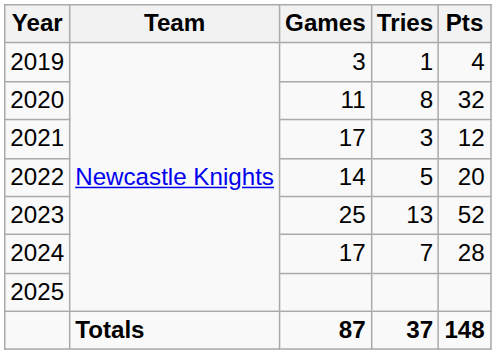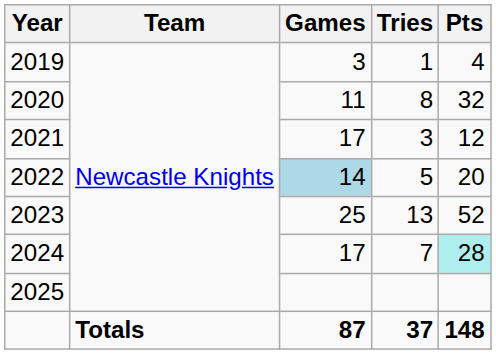 <table class="wikitable">
 <tr>
 <th>Year</th>
 <th>Team</th>
 <th>Games</th>
 <th>Tries</th>
 <th>Pts</th>
 </tr>
 <tr>
 <td align=center>2019</td>
 <td rowspan=7>  <a href='#'>Newcastle Knights</a></td>
 <td align=right>3</td>
 <td align=right>1</td>
 <td align=right>4</td>
 </tr>
 <tr>
 <td align=center>2020</td>
 <td align=right>11</td>
 <td align=right>8</td>
 <td align=right>32</td>
 </tr>
 <tr>
 <td align=center>2021</td>
 <td align=right>17</td>
 <td align=right>3</td>
 <td align=right>12</td>
 </tr>
 <tr>
 <td align=center>2022</td>
-<td align=right>14</td>
+<td align=right style="background: lightblue;">14</td>
 <td align=right>5</td>
 <td align=right>20</td>
 </tr>
 <tr>
 <td align=center>2023</td>
 <td align=right>25</td>
 <td align=right>13</td>
 <td align=right>52</td>
 </tr>
 <tr>
 <td align=center>2024</td>
 <td align=right>17</td>
 <td align=right>7</td>
-<td align=right>28</td>
+<td align=right style="background: paleturquoise;">28</td>
 </tr>
 <tr>
 <td align=center>2025</td>
 <td align=right></td>
 <td align=right></td>
 <td align=right></td>
 </tr>
 <tr>
 <td></td>
 <td align=left><strong>Totals</strong></td>
 <td align=right><strong>87</strong></td>
 <td align=right><strong>37</strong></td>
 <td align=right><strong>148</strong></td>
 </tr>
 </table>
